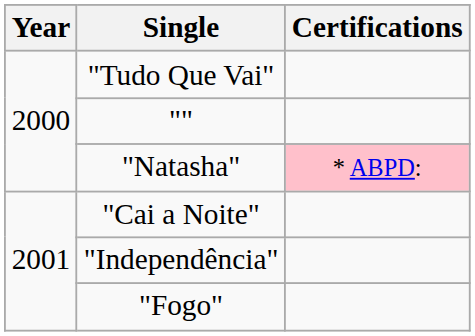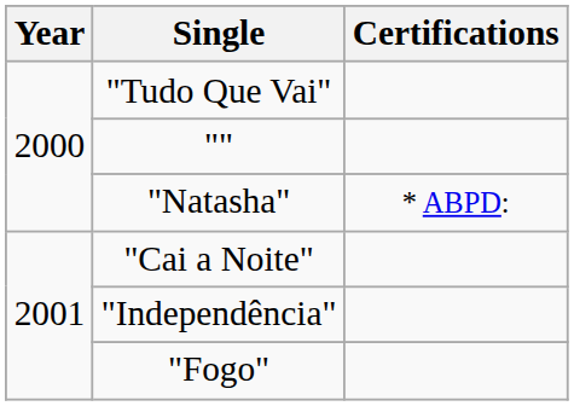 <table class="wikitable">
 <tr>
 <th align="center">Year</th>
 <th align="center">Single</th>
 <th align="center">Certifications</th>
 </tr>
 <tr>
 <td rowspan="3">2000</td>
 <td align="center">"Tudo Que Vai"</td>
 <td align="center"></td>
 </tr>
 <tr>
 <td align="center">""</td>
 <td align="center"></td>
 </tr>
 <tr>
 <td align="center">"Natasha"</td>
-<td align="center" style="background: pink;"><small>*  <a href='#'>ABPD</a>: </small></td>
+<td align="center"><small>*  <a href='#'>ABPD</a>: </small></td>
 </tr>
 <tr>
 <td rowspan="3">2001</td>
 <td align="center">"Cai a Noite"</td>
 <td align="center"></td>
 </tr>
 <tr>
 <td align="center">"Independência"</td>
 <td align="center"></td>
 </tr>
 <tr>
 <td align="center">"Fogo"</td>
 <td align="center"></td>
 </tr>
 </table>
